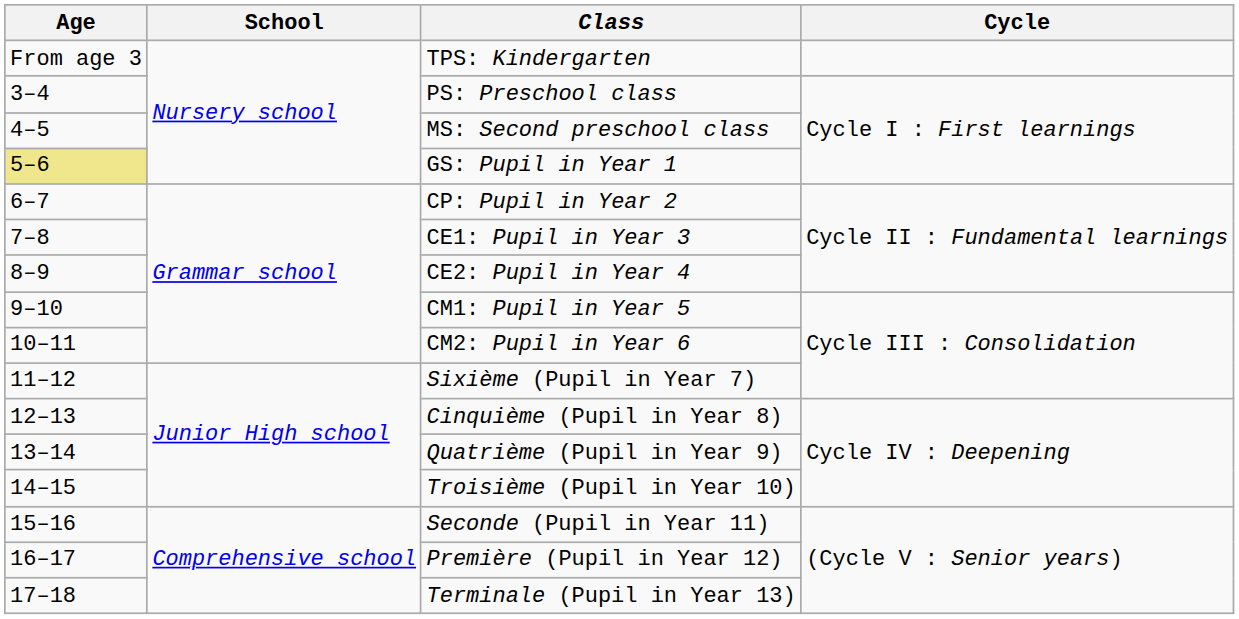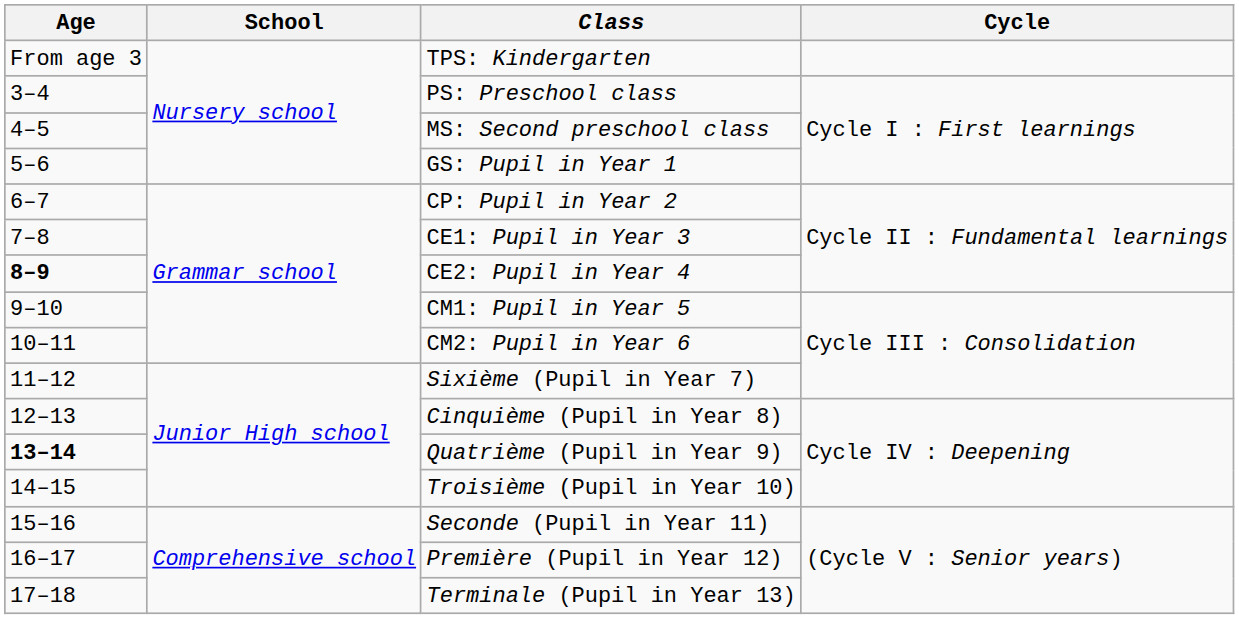 <table class="wikitable">
 <tr>
 <th>Age</th>
 <th>School</th>
 <th><em>Class</em></th>
 <th>Cycle</th>
 </tr>
 <tr>
 <td>From age 3</td>
 <td rowspan="4"><em><a href='#'>Nursery school</a></em></td>
 <td>TPS: <em>Kindergarten</em></td>
 <td></td>
 </tr>
 <tr>
 <td>3–4</td>
 <td>PS: <em>Preschool class</em></td>
 <td rowspan="3">Cycle I : <em>First learnings</em></td>
 </tr>
 <tr>
 <td>4–5</td>
 <td>MS: <em>Second preschool class</em></td>
 </tr>
 <tr>
-<td style="background: khaki;">5–6</td>
+<td>5–6</td>
 <td>GS: <em>Pupil in Year 1</em></td>
 </tr>
 <tr>
 <td>6–7</td>
 <td rowspan="5"><em><a href='#'>Grammar school</a></em></td>
 <td>CP: <em>Pupil in Year 2</em></td>
 <td rowspan="3">Cycle II : <em>Fundamental learnings</em></td>
 </tr>
 <tr>
 <td>7–8</td>
 <td>CE1: <em>Pupil in Year 3</em></td>
 </tr>
 <tr>
-<td>8–9</td>
+<td><strong>8–9</strong></td>
 <td>CE2: <em>Pupil in Year 4</em></td>
 </tr>
 <tr>
 <td>9–10</td>
 <td>CM1: <em>Pupil in Year 5</em></td>
 <td rowspan="3">Cycle III : <em>Consolidation</em></td>
 </tr>
 <tr>
 <td>10–11</td>
 <td>CM2: <em>Pupil in Year 6</em></td>
 </tr>
 <tr>
 <td>11–12</td>
 <td rowspan="4"><em><a href='#'>Junior High school</a></em></td>
 <td><em>Sixième</em> (Pupil in Year 7)</td>
 </tr>
 <tr>
 <td>12–13</td>
 <td><em>Cinquième</em> (Pupil in Year 8)</td>
 <td rowspan="3">Cycle IV : <em>Deepening</em></td>
 </tr>
 <tr>
-<td>13–14</td>
+<td><strong>13–14</strong></td>
 <td><em>Quatrième</em> (Pupil in Year 9)</td>
 </tr>
 <tr>
 <td>14–15</td>
 <td><em>Troisième</em> (Pupil in Year 10)</td>
 </tr>
 <tr>
 <td>15–16</td>
 <td rowspan="3"><em><a href='#'>Comprehensive school</a></em></td>
 <td><em>Seconde</em> (Pupil in Year 11)</td>
 <td rowspan="3">(Cycle V : <em>Senior years</em>)</td>
 </tr>
 <tr>
 <td>16–17</td>
 <td><em>Première</em> (Pupil in Year 12)</td>
 </tr>
 <tr>
 <td>17–18</td>
 <td><em>Terminale</em> (Pupil in Year 13)</td>
 </tr>
 </table>
